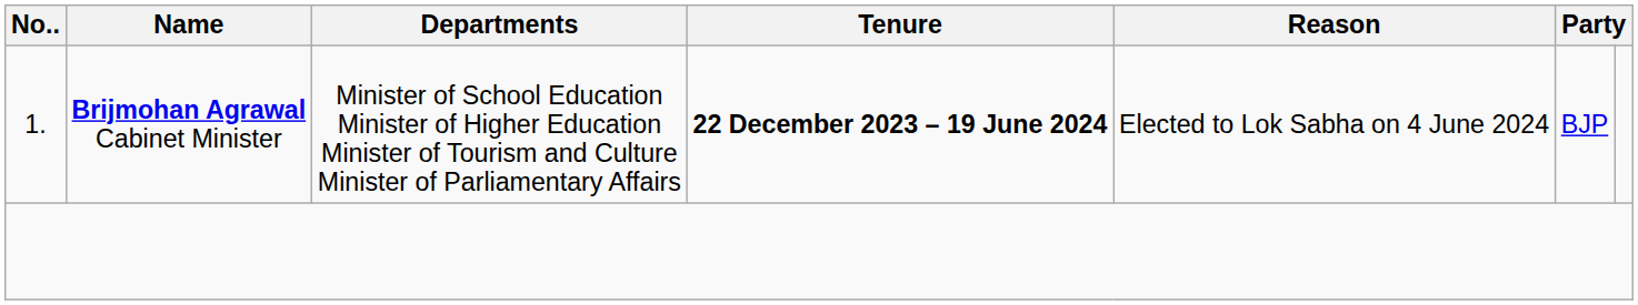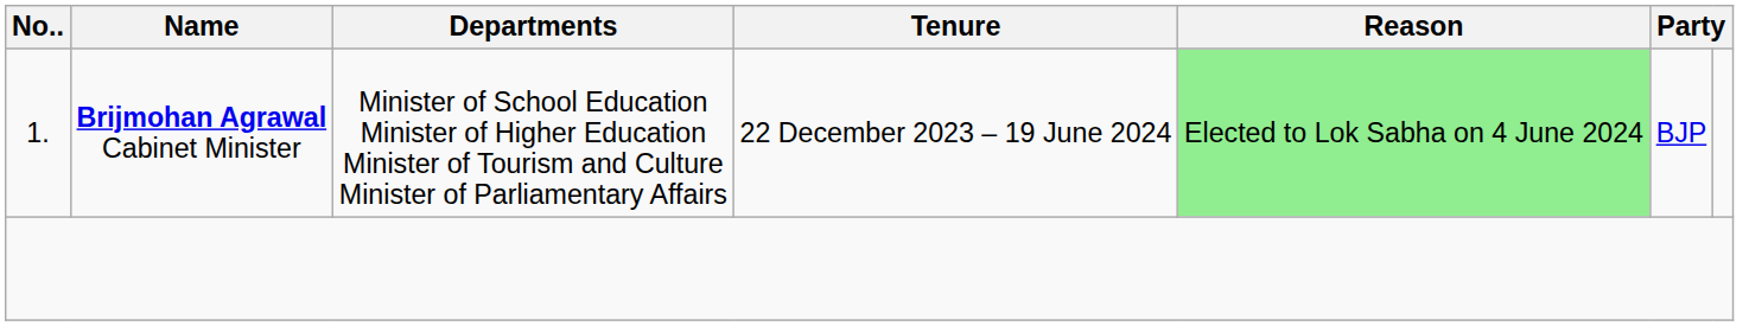 <table class ="wikitable">
 <tr>
 <th>No..</th>
 <th>Name<br></th>
 <th scope="col">Departments</th>
 <th>Tenure</th>
 <th>Reason</th>
 <th colspan="2" scope="col">Party</th>
 </tr>
 <tr style="text-align:center; height:60px;">
 <td>1.</td>
 <td><strong><a href='#'>Brijmohan Agrawal</a></strong><br>Cabinet Minister<br></td>
 <td scope="col"><br>Minister of School Education<br>Minister of Higher Education<br>Minister of Tourism and Culture<br>Minister of Parliamentary Affairs</td>
-<td><strong>22 December 2023 – 19 June 2024</strong></td>
-<td>Elected to Lok Sabha on 4 June 2024</td>
+<td>22 December 2023 – 19 June 2024</td>
+<td style="background: lightgreen;">Elected to Lok Sabha on 4 June 2024</td>
 <td><a href='#'>BJP</a></td>
 <td width="4px" style="background-color: "></td>
 </tr>
 <tr style="text-align:center; height:60px;">
 </tr>
 </table>
